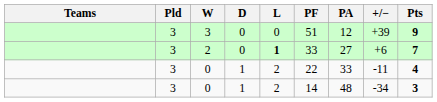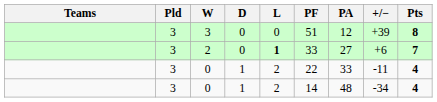 <table class="wikitable" style="text-align: center;">
 <tr>
 <th width="200">Teams</th>
 <th width="40">Pld</th>
 <th width="40">W</th>
 <th width="40">D</th>
 <th width="40">L</th>
 <th width="40">PF</th>
 <th width="40">PA</th>
 <th width="40">+/−</th>
 <th width="40">Pts</th>
 </tr>
 <tr bgcolor=#ccffcc>
 <td align=left></td>
 <td>3</td>
 <td>3</td>
 <td>0</td>
 <td>0</td>
 <td>51</td>
 <td>12</td>
 <td>+39</td>
-<td><strong>9</strong></td>
+<td><strong>8</strong></td>
 </tr>
 <tr bgcolor=#ccffcc>
 <td align=left></td>
 <td>3</td>
 <td>2</td>
 <td>0</td>
 <td><strong>1</strong></td>
 <td>33</td>
 <td>27</td>
 <td>+6</td>
 <td><strong>7</strong></td>
 </tr>
 <tr>
 <td align=left></td>
 <td>3</td>
 <td>0</td>
 <td>1</td>
 <td>2</td>
 <td>22</td>
 <td>33</td>
 <td>-11</td>
 <td><strong>4</strong></td>
 </tr>
 <tr>
 <td align=left></td>
 <td>3</td>
 <td>0</td>
 <td>1</td>
 <td>2</td>
 <td>14</td>
 <td>48</td>
 <td>-34</td>
-<td><strong>3</strong></td>
+<td><strong>4</strong></td>
 </tr>
 </table>
